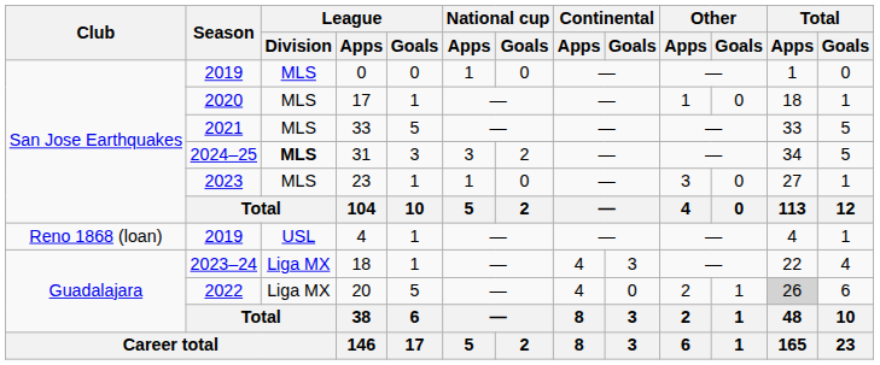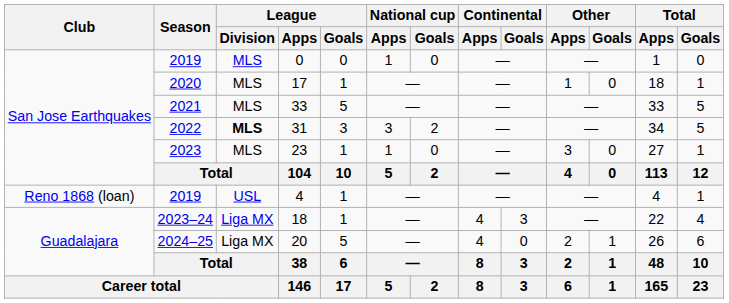 <table class="wikitable" style="text-align:center">
 <tr>
 <th rowspan="2">Club</th>
 <th rowspan="2">Season</th>
 <th colspan="3">League</th>
 <th colspan="2">National cup</th>
 <th colspan="2">Continental</th>
 <th colspan="2">Other</th>
 <th colspan="2">Total</th>
 </tr>
 <tr>
 <th>Division</th>
 <th>Apps</th>
 <th>Goals</th>
 <th>Apps</th>
 <th>Goals</th>
 <th>Apps</th>
 <th>Goals</th>
 <th>Apps</th>
 <th>Goals</th>
 <th>Apps</th>
 <th>Goals</th>
 </tr>
 <tr>
 <td rowspan="6"><a href='#'>San Jose Earthquakes</a></td>
 <td><a href='#'>2019</a></td>
 <td><a href='#'>MLS</a></td>
 <td>0</td>
 <td>0</td>
 <td>1</td>
 <td>0</td>
 <td colspan="2">—</td>
 <td colspan="2">—</td>
 <td>1</td>
 <td>0</td>
 </tr>
 <tr>
 <td><a href='#'>2020</a></td>
 <td>MLS</td>
 <td>17</td>
 <td>1</td>
 <td colspan="2">—</td>
 <td colspan="2">—</td>
 <td>1</td>
 <td>0</td>
 <td>18</td>
 <td>1</td>
 </tr>
 <tr>
 <td><a href='#'>2021</a></td>
 <td>MLS</td>
 <td>33</td>
 <td>5</td>
 <td colspan="2">—</td>
 <td colspan="2">—</td>
 <td colspan="2">—</td>
 <td>33</td>
 <td>5</td>
 </tr>
 <tr>
-<td><a href='#'>2024–25</a></td>
+<td><a href='#'>2022</a></td>
 <td><strong>MLS</strong></td>
 <td>31</td>
 <td>3</td>
 <td>3</td>
 <td>2</td>
 <td colspan="2">—</td>
 <td colspan="2">—</td>
 <td>34</td>
 <td>5</td>
 </tr>
 <tr>
 <td><a href='#'>2023</a></td>
 <td>MLS</td>
 <td>23</td>
 <td>1</td>
 <td>1</td>
 <td>0</td>
 <td colspan="2">—</td>
 <td>3</td>
 <td>0</td>
 <td>27</td>
 <td>1</td>
 </tr>
 <tr>
 <th colspan="2">Total</th>
 <th>104</th>
 <th>10</th>
 <th>5</th>
 <th>2</th>
 <th colspan="2">—</th>
 <th>4</th>
 <th>0</th>
 <th>113</th>
 <th>12</th>
 </tr>
 <tr>
 <td><a href='#'>Reno 1868</a> (loan)</td>
 <td><a href='#'>2019</a></td>
 <td><a href='#'>USL</a></td>
 <td>4</td>
 <td>1</td>
 <td colspan="2">—</td>
 <td colspan="2">—</td>
 <td colspan="2">—</td>
 <td>4</td>
 <td>1</td>
 </tr>
 <tr>
 <td rowspan="3"><a href='#'>Guadalajara</a></td>
 <td><a href='#'>2023–24</a></td>
 <td><a href='#'>Liga MX</a></td>
 <td>18</td>
 <td>1</td>
 <td colspan="2">—</td>
 <td>4</td>
 <td>3</td>
 <td colspan="2">—</td>
 <td>22</td>
 <td>4</td>
 </tr>
 <tr>
-<td><a href='#'>2022</a></td>
+<td><a href='#'>2024–25</a></td>
 <td>Liga MX</td>
 <td>20</td>
 <td>5</td>
 <td colspan="2">—</td>
 <td>4</td>
 <td>0</td>
 <td>2</td>
 <td>1</td>
-<td style="background: lightgrey;">26</td>
+<td>26</td>
 <td>6</td>
 </tr>
 <tr>
 <th colspan="2">Total</th>
 <th>38</th>
 <th>6</th>
 <th colspan="2">—</th>
 <th>8</th>
 <th>3</th>
 <th>2</th>
 <th>1</th>
 <th>48</th>
 <th>10</th>
 </tr>
 <tr>
 <th colspan="3">Career total</th>
 <th>146</th>
 <th>17</th>
 <th>5</th>
 <th>2</th>
 <th>8</th>
 <th>3</th>
 <th>6</th>
 <th>1</th>
 <th>165</th>
 <th>23</th>
 </tr>
 </table>
